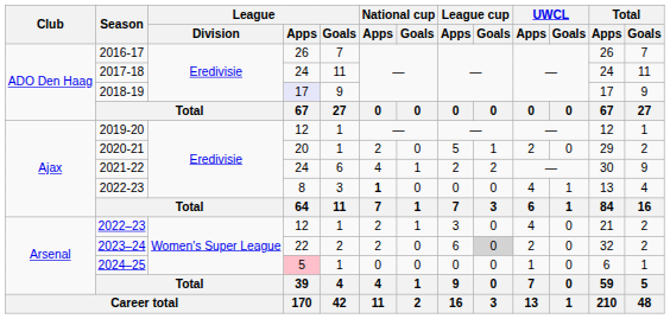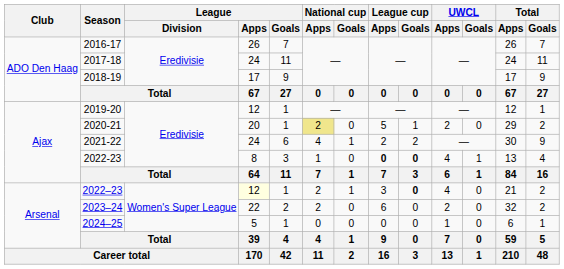 <table class="wikitable" style="text-align:center">
 <tr>
 <th rowspan="2">Club</th>
 <th rowspan="2">Season</th>
 <th colspan="3">League</th>
 <th colspan="2">National cup</th>
 <th colspan="2">League cup</th>
 <th colspan="2"><a href='#'>UWCL</a></th>
 <th colspan="2">Total</th>
 </tr>
 <tr>
 <th>Division</th>
 <th>Apps</th>
 <th>Goals</th>
 <th>Apps</th>
 <th>Goals</th>
 <th>Apps</th>
 <th>Goals</th>
 <th>Apps</th>
 <th>Goals</th>
 <th>Apps</th>
 <th>Goals</th>
 </tr>
 <tr>
 <td rowspan="4"><a href='#'>ADO Den Haag</a></td>
 <td>2016-17</td>
 <td rowspan="3"><a href='#'>Eredivisie</a></td>
 <td>26</td>
 <td>7</td>
 <td colspan="2" rowspan="3">—</td>
 <td colspan="2" rowspan="3">—</td>
 <td colspan="2" rowspan="3">—</td>
 <td>26</td>
 <td>7</td>
 </tr>
 <tr>
 <td>2017-18</td>
 <td>24</td>
 <td>11</td>
 <td>24</td>
 <td>11</td>
 </tr>
 <tr>
 <td>2018-19</td>
-<td style="background: lavender;">17</td>
+<td>17</td>
 <td>9</td>
 <td>17</td>
 <td>9</td>
 </tr>
 <tr>
 <th colspan="2">Total</th>
 <th>67</th>
 <th>27</th>
 <th>0</th>
 <th>0</th>
 <th>0</th>
 <th>0</th>
 <th>0</th>
 <th>0</th>
 <th>67</th>
 <th>27</th>
 </tr>
 <tr>
 <td rowspan="5"><a href='#'>Ajax</a></td>
 <td>2019-20</td>
 <td rowspan="4"><a href='#'>Eredivisie</a></td>
 <td>12</td>
 <td>1</td>
 <td colspan="2">—</td>
 <td colspan="2">—</td>
 <td colspan="2">—</td>
 <td>12</td>
 <td>1</td>
 </tr>
 <tr>
 <td>2020-21</td>
 <td>20</td>
 <td>1</td>
-<td>2</td>
+<td style="background: khaki;">2</td>
 <td>0</td>
 <td>5</td>
 <td>1</td>
 <td>2</td>
 <td>0</td>
 <td>29</td>
 <td>2</td>
 </tr>
 <tr>
 <td>2021-22</td>
 <td>24</td>
 <td>6</td>
 <td>4</td>
 <td>1</td>
 <td>2</td>
 <td>2</td>
 <td colspan="2">—</td>
 <td>30</td>
 <td>9</td>
 </tr>
 <tr>
 <td>2022-23</td>
 <td>8</td>
 <td>3</td>
-<td><strong>1</strong></td>
+<td>1</td>
 <td>0</td>
-<td>0</td>
-<td>0</td>
+<td><strong>0</strong></td>
+<td><strong>0</strong></td>
 <td>4</td>
 <td>1</td>
 <td>13</td>
 <td>4</td>
 </tr>
 <tr>
 <th colspan="2">Total</th>
 <th>64</th>
 <th>11</th>
 <th>7</th>
 <th>1</th>
 <th>7</th>
 <th>3</th>
 <th>6</th>
 <th>1</th>
 <th>84</th>
 <th>16</th>
 </tr>
 <tr>
 <td rowspan="4"><a href='#'>Arsenal</a></td>
 <td><a href='#'>2022–23</a></td>
 <td rowspan="3"><a href='#'>Women's Super League</a></td>
-<td>12</td>
+<td style="background: lightyellow;">12</td>
 <td>1</td>
 <td>2</td>
 <td>1</td>
 <td>3</td>
-<td>0</td>
+<td><strong>0</strong></td>
 <td>4</td>
 <td>0</td>
 <td>21</td>
 <td>2</td>
 </tr>
 <tr>
 <td><a href='#'>2023–24</a></td>
 <td>22</td>
 <td>2</td>
 <td>2</td>
 <td>0</td>
 <td>6</td>
-<td style="background: lightgrey;">0</td>
+<td>0</td>
 <td>2</td>
 <td>0</td>
 <td>32</td>
 <td>2</td>
 </tr>
 <tr>
 <td><a href='#'>2024–25</a></td>
-<td style="background: pink;">5</td>
+<td>5</td>
 <td>1</td>
 <td>0</td>
 <td>0</td>
 <td>0</td>
 <td>0</td>
 <td>1</td>
 <td>0</td>
 <td>6</td>
 <td>1</td>
 </tr>
 <tr>
 <th colspan="2">Total</th>
 <th>39</th>
 <th>4</th>
 <th>4</th>
 <th>1</th>
 <th>9</th>
 <th>0</th>
 <th>7</th>
 <th>0</th>
 <th>59</th>
 <th>5</th>
 </tr>
 <tr>
 <th colspan="3">Career total</th>
 <th>170</th>
 <th>42</th>
 <th>11</th>
 <th>2</th>
 <th>16</th>
 <th>3</th>
 <th>13</th>
 <th>1</th>
 <th>210</th>
 <th>48</th>
 </tr>
 </table>
